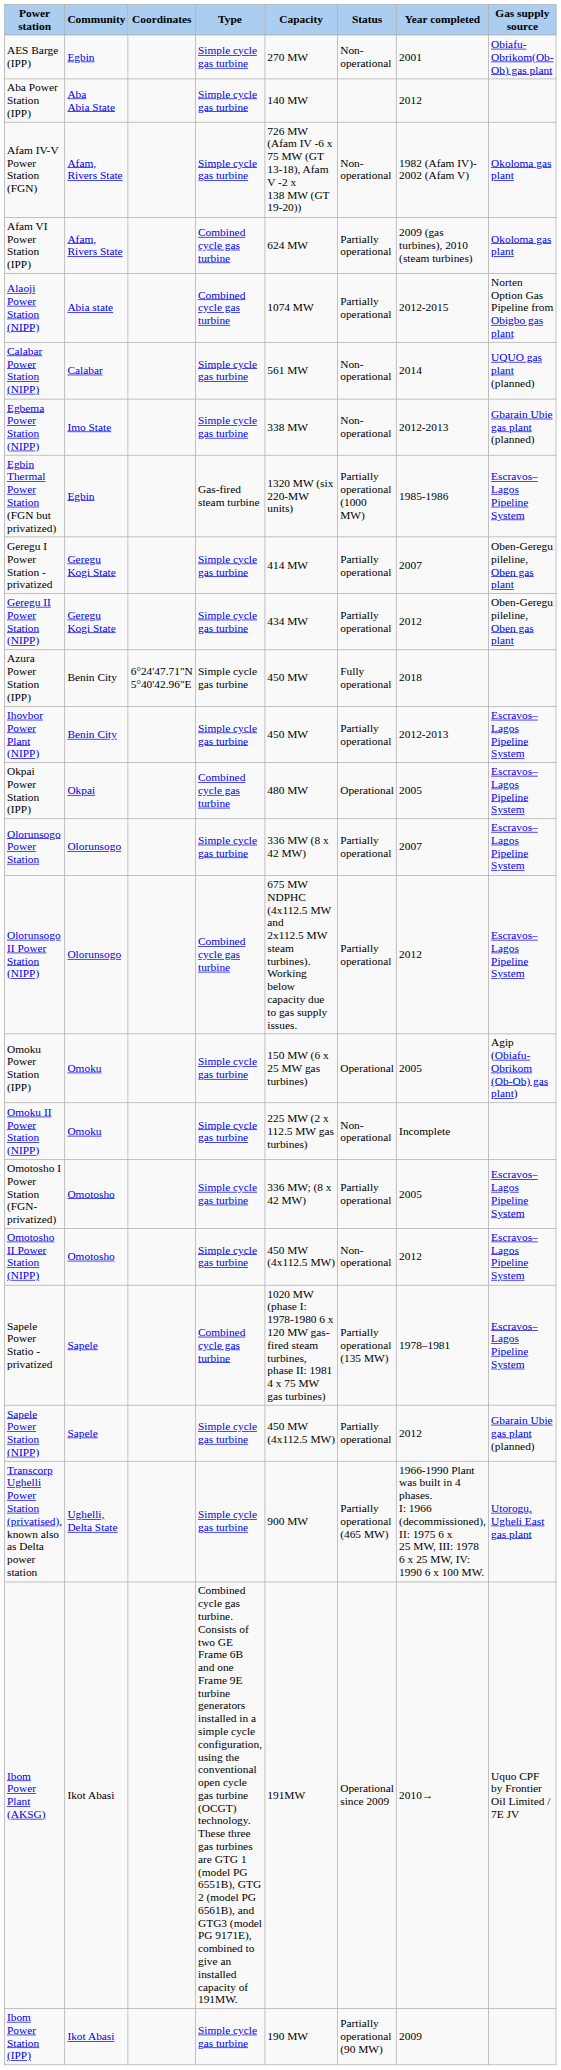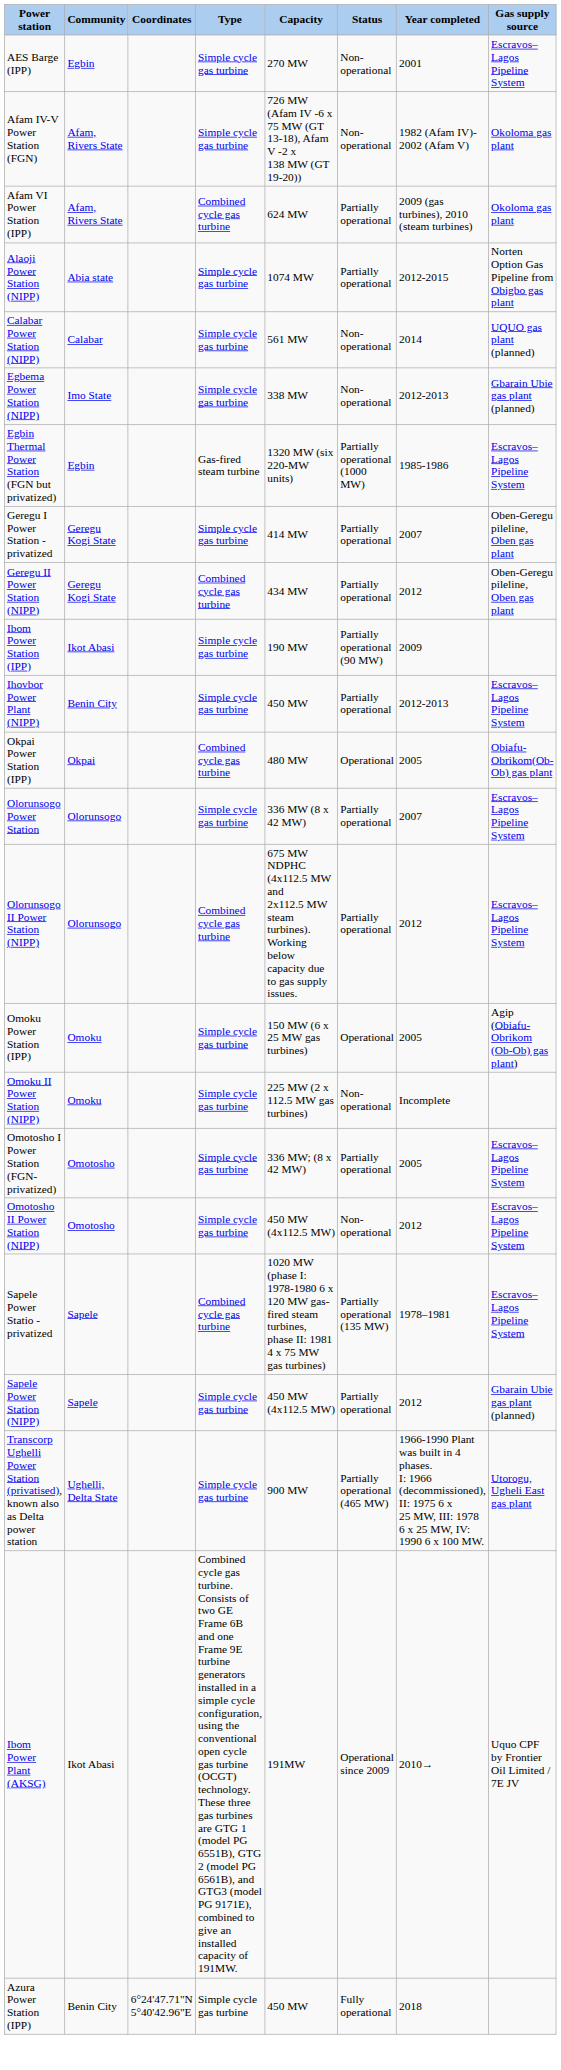 <table class="wikitable sortable">
 <tr>
 <th style="background-color:#ABCDEF;">Power station</th>
 <th style="background-color:#ABCDEF;" class="unsortable">Community</th>
 <th style="background-color:#ABCDEF;" class="unsortable">Coordinates</th>
 <th style="background-color:#ABCDEF;">Type</th>
 <th style="background-color:#ABCDEF;" data-sort-type="number">Capacity</th>
 <th style="background-color:#ABCDEF;">Status</th>
 <th style="background-color:#ABCDEF;">Year completed</th>
 <th style="background-color:#ABCDEF;" class="unsortable">Gas supply source</th>
 </tr>
 <tr>
 <td>AES Barge (IPP)</td>
 <td><a href='#'>Egbin</a></td>
 <td></td>
 <td><a href='#'>Simple cycle gas turbine</a></td>
 <td>270 MW</td>
 <td>Non-operational</td>
 <td>2001</td>
-<td><a href='#'>Obiafu-Obrikom(Ob-Ob) gas plant</a></td>
-</tr>
-<tr>
-<td>Aba Power Station (IPP)</td>
-<td><a href='#'>Aba</a><br><a href='#'>Abia State</a></td>
-<td></td>
-<td><a href='#'>Simple cycle gas turbine</a></td>
-<td>140 MW</td>
-<td></td>
-<td>2012</td>
-<td></td>
+<td><a href='#'>Escravos–Lagos Pipeline System</a></td>
 </tr>
 <tr>
 <td>Afam IV-V Power Station (FGN)</td>
 <td><a href='#'>Afam, Rivers State</a></td>
 <td></td>
 <td><a href='#'>Simple cycle gas turbine</a></td>
 <td>726 MW (Afam IV -6 x 75 MW (GT 13-18), Afam V -2 x 138 MW (GT 19-20))</td>
 <td>Non-operational</td>
 <td>1982 (Afam IV)- 2002 (Afam V)</td>
 <td><a href='#'>Okoloma gas plant</a></td>
 </tr>
 <tr>
 <td>Afam VI Power Station (IPP)</td>
 <td><a href='#'>Afam, Rivers State</a></td>
 <td></td>
 <td><a href='#'>Combined cycle gas turbine</a></td>
 <td>624 MW</td>
 <td>Partially operational</td>
 <td>2009 (gas turbines), 2010 (steam turbines)</td>
 <td><a href='#'>Okoloma gas plant</a></td>
 </tr>
 <tr>
 <td><a href='#'>Alaoji Power Station</a> <a href='#'>(NIPP)</a></td>
 <td><a href='#'>Abia state</a></td>
 <td></td>
-<td><a href='#'>Combined cycle gas turbine</a></td>
+<td><a href='#'>Simple cycle gas turbine</a></td>
 <td>1074 MW</td>
 <td>Partially operational</td>
 <td>2012-2015</td>
 <td>Norten Option Gas Pipeline from <a href='#'>Obigbo gas plant</a></td>
 </tr>
 <tr>
 <td><a href='#'>Calabar Power Station</a> <a href='#'>(NIPP)</a></td>
 <td><a href='#'>Calabar</a></td>
 <td></td>
 <td><a href='#'>Simple cycle gas turbine</a></td>
 <td>561 MW</td>
 <td>Non-operational</td>
 <td>2014</td>
 <td><a href='#'>UQUO gas plant</a> (planned)</td>
 </tr>
 <tr>
 <td><a href='#'>Egbema Power Station</a> <a href='#'>(NIPP)</a></td>
 <td><a href='#'>Imo State</a></td>
 <td></td>
 <td><a href='#'>Simple cycle gas turbine</a></td>
 <td>338 MW</td>
 <td>Non-operational</td>
 <td>2012-2013</td>
 <td><a href='#'>Gbarain Ubie gas plant</a> (planned)</td>
 </tr>
 <tr>
 <td><a href='#'>Egbin Thermal Power Station</a> (FGN but privatized)</td>
 <td><a href='#'>Egbin</a></td>
 <td></td>
 <td>Gas-fired steam turbine</td>
 <td>1320 MW (six 220-MW units)</td>
 <td>Partially operational (1000 MW)</td>
 <td>1985-1986</td>
 <td><a href='#'>Escravos–Lagos Pipeline System</a></td>
 </tr>
 <tr>
 <td>Geregu I Power Station - privatized</td>
 <td><a href='#'>Geregu</a> <a href='#'>Kogi State</a></td>
 <td></td>
 <td><a href='#'>Simple cycle gas turbine</a></td>
 <td>414 MW</td>
 <td>Partially operational</td>
 <td>2007</td>
 <td>Oben-Geregu pileline, <a href='#'>Oben gas plant</a></td>
 </tr>
 <tr>
 <td><a href='#'>Geregu II Power Station</a> <a href='#'>(NIPP)</a></td>
 <td><a href='#'>Geregu</a> <a href='#'>Kogi State</a></td>
 <td></td>
-<td><a href='#'>Simple cycle gas turbine</a></td>
+<td><a href='#'>Combined cycle gas turbine</a></td>
 <td>434 MW</td>
 <td>Partially operational</td>
 <td>2012</td>
 <td>Oben-Geregu pileline, <a href='#'>Oben gas plant</a></td>
 </tr>
 <tr>
-<td>Azura Power Station (IPP)</td>
-<td>Benin City</td>
-<td>6°24'47.71"N 5°40'42.96"E</td>
-<td>Simple cycle gas turbine</td>
-<td>450 MW</td>
-<td>Fully operational</td>
-<td>2018</td>
+<td><a href='#'>Ibom Power Station</a> <a href='#'>(IPP)</a></td>
+<td><a href='#'>Ikot Abasi</a></td>
+<td></td>
+<td><a href='#'>Simple cycle gas turbine</a></td>
+<td>190 MW</td>
+<td>Partially operational (90 MW)</td>
+<td>2009</td>
 <td></td>
 </tr>
 <tr>
 <td><a href='#'>Ihovbor Power Plant</a> <a href='#'>(NIPP)</a></td>
 <td><a href='#'>Benin City</a></td>
 <td></td>
 <td><a href='#'>Simple cycle gas turbine</a></td>
 <td>450 MW</td>
 <td>Partially operational</td>
 <td>2012-2013</td>
 <td><a href='#'>Escravos–Lagos Pipeline System</a></td>
 </tr>
 <tr>
 <td>Okpai Power Station (IPP)</td>
 <td><a href='#'>Okpai</a></td>
 <td></td>
 <td><a href='#'>Combined cycle gas turbine</a></td>
 <td>480 MW</td>
 <td>Operational</td>
 <td>2005</td>
-<td><a href='#'>Escravos–Lagos Pipeline System</a></td>
+<td><a href='#'>Obiafu-Obrikom(Ob-Ob) gas plant</a></td>
 </tr>
 <tr>
 <td><a href='#'>Olorunsogo Power Station</a></td>
 <td><a href='#'>Olorunsogo</a></td>
 <td></td>
 <td><a href='#'>Simple cycle gas turbine</a></td>
 <td>336 MW (8 x 42 MW)</td>
 <td>Partially operational</td>
 <td>2007</td>
 <td><a href='#'>Escravos–Lagos Pipeline System</a></td>
 </tr>
 <tr>
 <td><a href='#'>Olorunsogo II Power Station</a> <a href='#'>(NIPP)</a></td>
 <td><a href='#'>Olorunsogo</a></td>
 <td></td>
 <td><a href='#'>Combined cycle gas turbine</a></td>
 <td>675 MW NDPHC (4x112.5 MW and 2x112.5 MW steam turbines). Working below capacity due to gas supply issues.</td>
 <td>Partially operational</td>
 <td>2012</td>
 <td><a href='#'>Escravos–Lagos Pipeline System</a></td>
 </tr>
 <tr>
 <td>Omoku Power Station (IPP)</td>
 <td><a href='#'>Omoku</a></td>
 <td></td>
 <td><a href='#'>Simple cycle gas turbine</a></td>
 <td>150 MW (6 x 25 MW gas turbines)</td>
 <td>Operational</td>
 <td>2005</td>
 <td>Agip (<a href='#'>Obiafu-Obrikom (Ob-Ob) gas plant</a>)</td>
 </tr>
 <tr>
 <td><a href='#'>Omoku II Power Station</a> <a href='#'>(NIPP)</a></td>
 <td><a href='#'>Omoku</a></td>
 <td></td>
 <td><a href='#'>Simple cycle gas turbine</a></td>
 <td>225 MW (2 x 112.5 MW gas turbines)</td>
 <td>Non-operational</td>
 <td>Incomplete</td>
 <td></td>
 </tr>
 <tr>
 <td>Omotosho I Power Station (FGN-privatized)</td>
 <td><a href='#'>Omotosho</a></td>
 <td></td>
 <td><a href='#'>Simple cycle gas turbine</a></td>
 <td>336 MW; (8 x 42 MW)</td>
 <td>Partially operational</td>
 <td>2005</td>
 <td><a href='#'>Escravos–Lagos Pipeline System</a></td>
 </tr>
 <tr>
 <td><a href='#'>Omotosho II Power Station</a> <a href='#'>(NIPP)</a></td>
 <td><a href='#'>Omotosho</a></td>
 <td></td>
 <td><a href='#'>Simple cycle gas turbine</a></td>
 <td>450 MW (4x112.5 MW)</td>
 <td>Non-operational</td>
 <td>2012</td>
 <td><a href='#'>Escravos–Lagos Pipeline System</a></td>
 </tr>
 <tr>
 <td>Sapele Power Statio - privatized</td>
 <td><a href='#'>Sapele</a></td>
 <td></td>
 <td><a href='#'>Combined cycle gas turbine</a></td>
 <td>1020 MW (phase I: 1978-1980 6 x 120 MW gas-fired steam turbines, phase II: 1981 4 x 75 MW gas turbines)</td>
 <td>Partially operational (135 MW)</td>
 <td>1978–1981</td>
 <td><a href='#'>Escravos–Lagos Pipeline System</a></td>
 </tr>
 <tr>
 <td><a href='#'>Sapele Power Station</a> <a href='#'>(NIPP)</a></td>
 <td><a href='#'>Sapele</a></td>
 <td></td>
 <td><a href='#'>Simple cycle gas turbine</a></td>
 <td>450 MW (4x112.5 MW)</td>
 <td>Partially operational</td>
 <td>2012</td>
 <td><a href='#'>Gbarain Ubie gas plant</a> (planned)</td>
 </tr>
 <tr>
 <td><a href='#'>Transcorp Ughelli Power Station (privatised)</a>, known also as Delta power station</td>
 <td><a href='#'>Ughelli, Delta State</a></td>
 <td></td>
 <td><a href='#'>Simple cycle gas turbine</a></td>
 <td>900 MW</td>
 <td>Partially operational<br>(465 MW)</td>
 <td>1966-1990 Plant was built in 4 phases.<br>I: 1966 (decommissioned), II: 1975 6 x 25 MW, III: 1978 6 x 25 MW, IV: 1990 6 x 100 MW.</td>
 <td><a href='#'>Utorogu, Ugheli East gas plant</a></td>
 </tr>
 <tr>
 <td><a href='#'>Ibom Power Plant</a> <a href='#'>(AKSG)</a></td>
 <td>Ikot Abasi</td>
 <td></td>
 <td>Combined cycle gas turbine. Consists of two GE Frame 6B and one Frame 9E turbine generators installed in a simple cycle configuration, using the conventional open cycle gas turbine (OCGT) technology. These three gas turbines are GTG 1 (model PG 6551B), GTG 2 (model PG 6561B), and GTG3 (model PG 9171E), combined to give an installed capacity of 191MW.</td>
 <td>191MW</td>
 <td>Operational since 2009</td>
 <td>2010→</td>
 <td>Uquo CPF by Frontier Oil Limited / 7E JV</td>
 </tr>
 <tr>
-<td><a href='#'>Ibom Power Station</a> <a href='#'>(IPP)</a></td>
-<td><a href='#'>Ikot Abasi</a></td>
-<td></td>
-<td><a href='#'>Simple cycle gas turbine</a></td>
-<td>190 MW</td>
-<td>Partially operational (90 MW)</td>
-<td>2009</td>
+<td>Azura Power Station (IPP)</td>
+<td>Benin City</td>
+<td>6°24'47.71"N 5°40'42.96"E</td>
+<td>Simple cycle gas turbine</td>
+<td>450 MW</td>
+<td>Fully operational</td>
+<td>2018</td>
 <td></td>
 </tr>
 </table>
